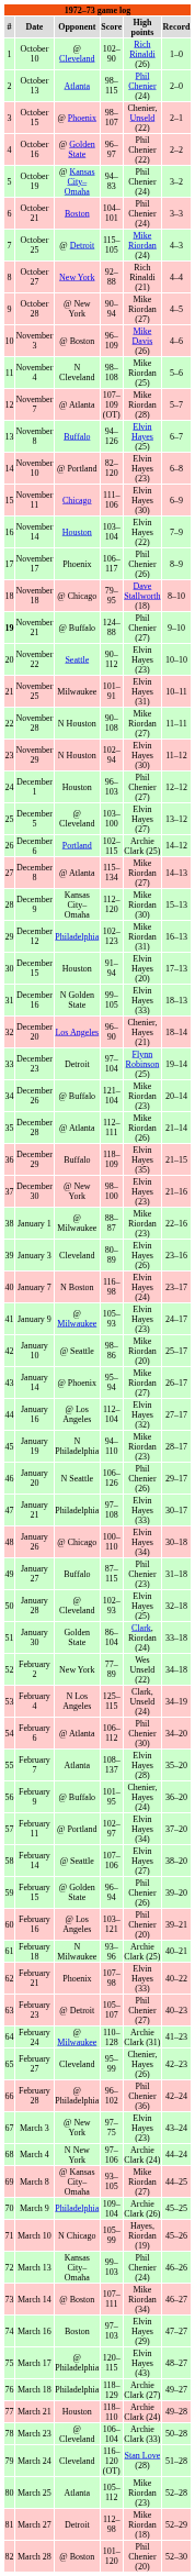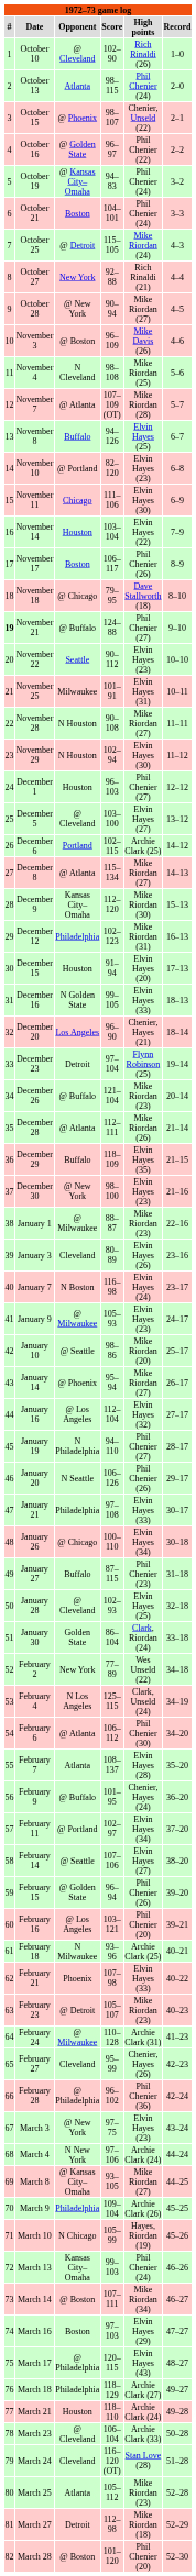 <table class="toccolours collapsible" width=50% style="clear:both; margin:1.5em auto; text-align:center">
 <tr>
 <th colspan=11 style="background:#F15110; color:#000000;">1972–73 game log</th>
 </tr>
 <tr align="center" bgcolor="#dddddd">
 <td><strong>#</strong></td>
 <td><strong>Date</strong></td>
 <td><strong>Opponent</strong></td>
 <td><strong>Score</strong></td>
 <td><strong>High points</strong></td>
 <td><strong>Record</strong></td>
 </tr>
 <tr align="center" bgcolor="ccffcc">
 <td>1</td>
 <td>October 10</td>
 <td>@ <a href='#'>Cleveland</a></td>
 <td>102–90</td>
 <td><a href='#'>Rich Rinaldi</a> (26)</td>
 <td>1–0</td>
 </tr>
 <tr align="center" bgcolor="ccffcc">
 <td>2</td>
 <td>October 13</td>
 <td><a href='#'>Atlanta</a></td>
 <td>98–115</td>
 <td><a href='#'>Phil Chenier</a> (24)</td>
 <td>2–0</td>
 </tr>
 <tr align="center" bgcolor="ffcccc">
 <td>3</td>
 <td>October 15</td>
 <td>@ <a href='#'>Phoenix</a></td>
 <td>98–107</td>
 <td>Chenier, <a href='#'>Unseld</a> (22)</td>
 <td>2–1</td>
 </tr>
 <tr align="center" bgcolor="ffcccc">
 <td>4</td>
 <td>October 16</td>
 <td>@ <a href='#'>Golden State</a></td>
 <td>96–97</td>
 <td>Phil Chenier (22)</td>
 <td>2–2</td>
 </tr>
 <tr align="center" bgcolor="ccffcc">
 <td>5</td>
 <td>October 19</td>
 <td>@ <a href='#'>Kansas City–Omaha</a></td>
 <td>94–83</td>
 <td>Phil Chenier (24)</td>
 <td>3–2</td>
 </tr>
 <tr align="center" bgcolor="ffcccc">
 <td>6</td>
 <td>October 21</td>
 <td><a href='#'>Boston</a></td>
 <td>104–101</td>
 <td>Phil Chenier (24)</td>
 <td>3–3</td>
 </tr>
 <tr align="center" bgcolor="ccffcc">
 <td>7</td>
 <td>October 25</td>
 <td>@ <a href='#'>Detroit</a></td>
 <td>115–105</td>
 <td><a href='#'>Mike Riordan</a> (24)</td>
 <td>4–3</td>
 </tr>
 <tr align="center" bgcolor="ffcccc">
 <td>8</td>
 <td>October 27</td>
 <td><a href='#'>New York</a></td>
 <td>92–88</td>
 <td>Rich Rinaldi (21)</td>
 <td>4–4</td>
 </tr>
 <tr align="center" bgcolor="ffcccc">
 <td>9</td>
 <td>October 28</td>
 <td>@ New York</td>
 <td>90–94</td>
 <td>Mike Riordan (27)</td>
 <td>4–5</td>
 </tr>
 <tr align="center" bgcolor="ffcccc">
 <td>10</td>
 <td>November 3</td>
 <td>@ Boston</td>
 <td>96–109</td>
 <td><a href='#'>Mike Davis</a> (26)</td>
 <td>4–6</td>
 </tr>
 <tr align="center" bgcolor="ccffcc">
 <td>11</td>
 <td>November 4</td>
 <td>N Cleveland</td>
 <td>98–108</td>
 <td>Mike Riordan (25)</td>
 <td>5–6</td>
 </tr>
 <tr align="center" bgcolor="ffcccc">
 <td>12</td>
 <td>November 7</td>
 <td>@ Atlanta</td>
 <td>107–109 (OT)</td>
 <td>Mike Riordan (28)</td>
 <td>5–7</td>
 </tr>
 <tr align="center" bgcolor="ccffcc">
 <td>13</td>
 <td>November 8</td>
 <td><a href='#'>Buffalo</a></td>
 <td>94–126</td>
 <td><a href='#'>Elvin Hayes</a> (25)</td>
 <td>6–7</td>
 </tr>
 <tr align="center" bgcolor="ffcccc">
 <td>14</td>
 <td>November 10</td>
 <td>@ Portland</td>
 <td>82–120</td>
 <td>Elvin Hayes (23)</td>
 <td>6–8</td>
 </tr>
 <tr align="center" bgcolor="ffcccc">
 <td>15</td>
 <td>November 11</td>
 <td><a href='#'>Chicago</a></td>
 <td>111–106</td>
 <td>Elvin Hayes (30)</td>
 <td>6–9</td>
 </tr>
 <tr align="center" bgcolor="ccffcc">
 <td>16</td>
 <td>November 14</td>
 <td><a href='#'>Houston</a></td>
 <td>103–104</td>
 <td>Elvin Hayes (22)</td>
 <td>7–9</td>
 </tr>
 <tr align="center" bgcolor="ccffcc">
 <td>17</td>
 <td>November 17</td>
-<td>Phoenix</td>
+<td><a href='#'>Boston</a></td>
 <td>106–117</td>
 <td>Phil Chenier (26)</td>
 <td>8–9</td>
 </tr>
 <tr align="center" bgcolor="ffcccc">
 <td>18</td>
 <td>November 18</td>
 <td>@ Chicago</td>
 <td>79–95</td>
 <td><a href='#'>Dave Stallworth</a> (18)</td>
 <td>8–10</td>
 </tr>
 <tr align="center" bgcolor="ccffcc">
 <td><strong>19</strong></td>
 <td>November 21</td>
 <td>@ Buffalo</td>
 <td>124–88</td>
 <td>Phil Chenier (27)</td>
 <td>9–10</td>
 </tr>
 <tr align="center" bgcolor="ccffcc">
 <td>20</td>
 <td>November 22</td>
 <td><a href='#'>Seattle</a></td>
 <td>90–112</td>
 <td>Elvin Hayes (23)</td>
 <td>10–10</td>
 </tr>
 <tr align="center" bgcolor="ffcccc">
 <td>21</td>
 <td>November 25</td>
 <td>Milwaukee</td>
 <td>101–91</td>
 <td>Elvin Hayes (31)</td>
 <td>10–11</td>
 </tr>
 <tr align="center" bgcolor="ccffcc">
 <td>22</td>
 <td>November 28</td>
 <td>N Houston</td>
 <td>90–108</td>
 <td>Mike Riordan (27)</td>
 <td>11–11</td>
 </tr>
 <tr align="center" bgcolor="ffcccc">
 <td>23</td>
 <td>November 29</td>
 <td>N Houston</td>
 <td>102–94</td>
 <td>Elvin Hayes (30)</td>
 <td>11–12</td>
 </tr>
 <tr align="center" bgcolor="ccffcc">
 <td>24</td>
 <td>December 1</td>
 <td>Houston</td>
 <td>96–103</td>
 <td>Phil Chenier (27)</td>
 <td>12–12</td>
 </tr>
 <tr align="center" bgcolor="ccffcc">
 <td>25</td>
 <td>December 5</td>
 <td>@ Cleveland</td>
 <td>103–100</td>
 <td>Elvin Hayes (27)</td>
 <td>13–12</td>
 </tr>
 <tr align="center" bgcolor="ccffcc">
 <td>26</td>
 <td>December 6</td>
 <td><a href='#'>Portland</a></td>
 <td>102–115</td>
 <td>Archie Clark (25)</td>
 <td>14–12</td>
 </tr>
 <tr align="center" bgcolor="ffcccc">
 <td>27</td>
 <td>December 8</td>
 <td>@ Atlanta</td>
 <td>115–134</td>
 <td>Mike Riordan (27)</td>
 <td>14–13</td>
 </tr>
 <tr align="center" bgcolor="ccffcc">
 <td>28</td>
 <td>December 9</td>
 <td>Kansas City–Omaha</td>
 <td>112–120</td>
 <td>Mike Riordan (30)</td>
 <td>15–13</td>
 </tr>
 <tr align="center" bgcolor="ccffcc">
 <td>29</td>
 <td>December 12</td>
 <td><a href='#'>Philadelphia</a></td>
 <td>102–123</td>
 <td>Mike Riordan (31)</td>
 <td>16–13</td>
 </tr>
 <tr align="center" bgcolor="ccffcc">
 <td>30</td>
 <td>December 15</td>
 <td>Houston</td>
 <td>91–94</td>
 <td>Elvin Hayes (20)</td>
 <td>17–13</td>
 </tr>
 <tr align="center" bgcolor="ccffcc">
 <td>31</td>
 <td>December 16</td>
 <td>N Golden State</td>
 <td>99–105</td>
 <td>Elvin Hayes (33)</td>
 <td>18–13</td>
 </tr>
 <tr align="center" bgcolor="ffcccc">
 <td>32</td>
 <td>December 20</td>
 <td><a href='#'>Los Angeles</a></td>
 <td>96–90</td>
 <td>Chenier, Hayes (21)</td>
 <td>18–14</td>
 </tr>
 <tr align="center" bgcolor="ccffcc">
 <td>33</td>
 <td>December 23</td>
 <td>Detroit</td>
 <td>97–104</td>
 <td><a href='#'>Flynn Robinson</a> (25)</td>
 <td>19–14</td>
 </tr>
 <tr align="center" bgcolor="ccffcc">
 <td>34</td>
 <td>December 26</td>
 <td>@ Buffalo</td>
 <td>121–104</td>
 <td>Mike Riordan (23)</td>
 <td>20–14</td>
 </tr>
 <tr align="center" bgcolor="ccffcc">
 <td>35</td>
 <td>December 28</td>
 <td>@ Atlanta</td>
 <td>112–111</td>
 <td>Mike Riordan (26)</td>
 <td>21–14</td>
 </tr>
 <tr align="center" bgcolor="ffcccc">
 <td>36</td>
 <td>December 29</td>
 <td>Buffalo</td>
 <td>118–109</td>
 <td>Elvin Hayes (35)</td>
 <td>21–15</td>
 </tr>
 <tr align="center" bgcolor="ffcccc">
 <td>37</td>
 <td>December 30</td>
 <td>@ New York</td>
 <td>98–100</td>
 <td>Elvin Hayes (23)</td>
 <td>21–16</td>
 </tr>
 <tr align="center" bgcolor="ccffcc">
 <td>38</td>
 <td>January 1</td>
 <td>@ Milwaukee</td>
 <td>88–87</td>
 <td>Mike Riordan (23)</td>
 <td>22–16</td>
 </tr>
 <tr align="center" bgcolor="ccffcc">
 <td>39</td>
 <td>January 3</td>
 <td>Cleveland</td>
 <td>80–89</td>
 <td>Elvin Hayes (26)</td>
 <td>23–16</td>
 </tr>
 <tr align="center" bgcolor="ffcccc">
 <td>40</td>
 <td>January 7</td>
 <td>N Boston</td>
 <td>116–98</td>
 <td>Elvin Hayes (24)</td>
 <td>23–17</td>
 </tr>
 <tr align="center" bgcolor="ccffcc">
 <td>41</td>
 <td>January 9</td>
 <td>@ <a href='#'>Milwaukee</a></td>
 <td>105–93</td>
 <td>Elvin Hayes (23)</td>
 <td>24–17</td>
 </tr>
 <tr align="center" bgcolor="ccffcc">
 <td>42</td>
 <td>January 10</td>
 <td>@ Seattle</td>
 <td>98–86</td>
 <td>Mike Riordan (20)</td>
 <td>25–17</td>
 </tr>
 <tr align="center" bgcolor="ccffcc">
 <td>43</td>
 <td>January 14</td>
 <td>@ Phoenix</td>
 <td>95–94</td>
 <td>Mike Riordan (27)</td>
 <td>26–17</td>
 </tr>
 <tr align="center" bgcolor="ccffcc">
 <td>44</td>
 <td>January 16</td>
 <td>@ Los Angeles</td>
 <td>112–104</td>
 <td>Elvin Hayes (32)</td>
 <td>27–17</td>
 </tr>
 <tr align="center" bgcolor="ccffcc">
 <td>45</td>
 <td>January 19</td>
 <td>N Philadelphia</td>
 <td>94–110</td>
-<td>Mike Riordan (23)</td>
+<td>Phil Chenier (27)</td>
 <td>28–17</td>
 </tr>
 <tr align="center" bgcolor="ccffcc">
 <td>46</td>
 <td>January 20</td>
 <td>N Seattle</td>
 <td>106–126</td>
 <td>Phil Chenier (26)</td>
 <td>29–17</td>
 </tr>
 <tr align="center" bgcolor="ccffcc">
 <td>47</td>
 <td>January 21</td>
 <td>Philadelphia</td>
 <td>97–108</td>
 <td>Elvin Hayes (33)</td>
 <td>30–17</td>
 </tr>
 <tr align="center" bgcolor="ffcccc">
 <td>48</td>
 <td>January 26</td>
 <td>@ Chicago</td>
 <td>100–110</td>
 <td>Elvin Hayes (34)</td>
 <td>30–18</td>
 </tr>
 <tr align="center" bgcolor="ccffcc">
 <td>49</td>
 <td>January 27</td>
 <td>Buffalo</td>
 <td>87–115</td>
 <td>Phil Chenier (23)</td>
 <td>31–18</td>
 </tr>
 <tr align="center" bgcolor="ccffcc">
 <td>50</td>
 <td>January 28</td>
 <td>@ Cleveland</td>
 <td>102–93</td>
 <td>Elvin Hayes (25)</td>
 <td>32–18</td>
 </tr>
 <tr align="center" bgcolor="ccffcc">
 <td>51</td>
 <td>January 30</td>
 <td>Golden State</td>
 <td>86–104</td>
 <td><a href='#'>Clark</a>, Riordan (24)</td>
 <td>33–18</td>
 </tr>
 <tr align="center" bgcolor="ccffcc">
 <td>52</td>
 <td>February 2</td>
 <td>New York</td>
 <td>77–89</td>
 <td>Wes Unseld (22)</td>
 <td>34–18</td>
 </tr>
 <tr align="center" bgcolor="ffcccc">
 <td>53</td>
 <td>February 4</td>
 <td>N Los Angeles</td>
 <td>125–115</td>
 <td>Clark, Unseld (24)</td>
 <td>34–19</td>
 </tr>
 <tr align="center" bgcolor="ffcccc">
 <td>54</td>
 <td>February 6</td>
 <td>@ Atlanta</td>
 <td>106–112</td>
 <td>Phil Chenier (30)</td>
 <td>34–20</td>
 </tr>
 <tr align="center" bgcolor="ccffcc">
 <td>55</td>
 <td>February 7</td>
 <td>Atlanta</td>
 <td>108–137</td>
 <td>Elvin Hayes (28)</td>
 <td>35–20</td>
 </tr>
 <tr align="center" bgcolor="ccffcc">
 <td>56</td>
 <td>February 9</td>
 <td>@ Buffalo</td>
 <td>101–95</td>
 <td>Chenier, Hayes (24)</td>
 <td>36–20</td>
 </tr>
 <tr align="center" bgcolor="ccffcc">
 <td>57</td>
 <td>February 11</td>
 <td>@ Portland</td>
 <td>102–97</td>
 <td>Elvin Hayes (34)</td>
 <td>37–20</td>
 </tr>
 <tr align="center" bgcolor="ccffcc">
 <td>58</td>
 <td>February 14</td>
 <td>@ Seattle</td>
 <td>107–106</td>
 <td>Elvin Hayes (27)</td>
 <td>38–20</td>
 </tr>
 <tr align="center" bgcolor="ccffcc">
 <td>59</td>
 <td>February 15</td>
 <td>@ Golden State</td>
 <td>96–94</td>
 <td>Phil Chenier (26)</td>
 <td>39–20</td>
 </tr>
 <tr align="center" bgcolor="ffcccc">
 <td>60</td>
 <td>February 16</td>
 <td>@ Los Angeles</td>
 <td>103–121</td>
 <td>Phil Chenier (20)</td>
 <td>39–21</td>
 </tr>
 <tr align="center" bgcolor="ccffcc">
 <td>61</td>
 <td>February 18</td>
 <td>N Milwaukee</td>
 <td>93–96</td>
 <td>Archie Clark (25)</td>
 <td>40–21</td>
 </tr>
 <tr align="center" bgcolor="ffcccc">
 <td>62</td>
 <td>February 21</td>
 <td>Phoenix</td>
 <td>107–98</td>
 <td>Elvin Hayes (33)</td>
 <td>40–22</td>
 </tr>
 <tr align="center" bgcolor="ffcccc">
 <td>63</td>
 <td>February 23</td>
 <td>@ Detroit</td>
 <td>105–107</td>
-<td>Phil Chenier (27)</td>
+<td>Mike Riordan (23)</td>
 <td>40–23</td>
 </tr>
 <tr align="center" bgcolor="ccffcc">
 <td>64</td>
 <td>February 24</td>
 <td>@ <a href='#'>Milwaukee</a></td>
 <td>110–128</td>
 <td>Archie Clark (31)</td>
 <td>41–23</td>
 </tr>
 <tr align="center" bgcolor="ccffcc">
 <td>65</td>
 <td>February 27</td>
 <td>Cleveland</td>
 <td>95–99</td>
 <td>Chenier, Hayes (26)</td>
 <td>42–23</td>
 </tr>
 <tr align="center" bgcolor="ffcccc">
 <td>66</td>
 <td>February 28</td>
 <td>@ Philadelphia</td>
 <td>96–102</td>
 <td>Phil Chenier (36)</td>
 <td>42–24</td>
 </tr>
 <tr align="center" bgcolor="ccffcc">
 <td>67</td>
 <td>March 3</td>
 <td>@ New York</td>
 <td>97–75</td>
 <td>Elvin Hayes (23)</td>
 <td>43–24</td>
 </tr>
 <tr align="center" bgcolor="ccffcc">
 <td>68</td>
 <td>March 4</td>
 <td>N New York</td>
 <td>97–106</td>
 <td>Archie Clark (24)</td>
 <td>44–24</td>
 </tr>
 <tr align="center" bgcolor="ffcccc">
 <td>69</td>
 <td>March 8</td>
 <td>@ Kansas City–Omaha</td>
 <td>93–105</td>
 <td>Mike Riordan (27)</td>
 <td>44–25</td>
 </tr>
 <tr align="center" bgcolor="ccffcc">
 <td>70</td>
 <td>March 9</td>
 <td><a href='#'>Philadelphia</a></td>
 <td>109–104</td>
 <td>Archie Clark (26)</td>
 <td>45–25</td>
 </tr>
 <tr align="center" bgcolor="ffcccc">
 <td>71</td>
 <td>March 10</td>
 <td>N Chicago</td>
 <td>105–99</td>
 <td>Hayes, Riordan (19)</td>
 <td>45–26</td>
 </tr>
 <tr align="center" bgcolor="ccffcc">
 <td>72</td>
 <td>March 13</td>
 <td>Kansas City–Omaha</td>
 <td>99–103</td>
 <td>Phil Chenier (24)</td>
 <td>46–26</td>
 </tr>
 <tr align="center" bgcolor="ffcccc">
 <td>73</td>
 <td>March 14</td>
 <td>@ Boston</td>
 <td>107–111</td>
 <td>Mike Riordan (34)</td>
 <td>46–27</td>
 </tr>
 <tr align="center" bgcolor="ccffcc">
 <td>74</td>
 <td>March 16</td>
 <td>Boston</td>
 <td>97–103</td>
 <td>Elvin Hayes (29)</td>
 <td>47–27</td>
 </tr>
 <tr align="center" bgcolor="ccffcc">
 <td>75</td>
 <td>March 17</td>
 <td>@ Philadelphia</td>
 <td>120–115</td>
 <td>Elvin Hayes (43)</td>
 <td>48–27</td>
 </tr>
 <tr align="center" bgcolor="ccffcc">
 <td>76</td>
 <td>March 18</td>
 <td>Philadelphia</td>
 <td>118–129</td>
 <td>Archie Clark (27)</td>
 <td>49–27</td>
 </tr>
 <tr align="center" bgcolor="ffcccc">
 <td>77</td>
 <td>March 21</td>
 <td>Houston</td>
 <td>118–110</td>
 <td>Archie Clark (24)</td>
 <td>49–28</td>
 </tr>
 <tr align="center" bgcolor="ccffcc">
 <td>78</td>
 <td>March 23</td>
 <td>@ Cleveland</td>
 <td>106–104</td>
 <td>Archie Clark (33)</td>
 <td>50–28</td>
 </tr>
 <tr align="center" bgcolor="ccffcc">
 <td>79</td>
 <td>March 24</td>
 <td>Cleveland</td>
 <td>116–120 (OT)</td>
 <td><a href='#'>Stan Love</a> (28)</td>
 <td>51–28</td>
 </tr>
 <tr align="center" bgcolor="ccffcc">
 <td>80</td>
 <td>March 25</td>
 <td>Atlanta</td>
 <td>105–112</td>
 <td>Mike Riordan (23)</td>
 <td>52–28</td>
 </tr>
 <tr align="center" bgcolor="ffcccc">
 <td>81</td>
 <td>March 27</td>
 <td>Detroit</td>
 <td>112–98</td>
 <td>Mike Riordan (18)</td>
 <td>52–29</td>
 </tr>
 <tr align="center" bgcolor="ffcccc">
 <td>82</td>
 <td>March 28</td>
 <td>@ Boston</td>
 <td>101–120</td>
 <td>Phil Chenier (20)</td>
 <td>52–30</td>
 </tr>
 </table>
